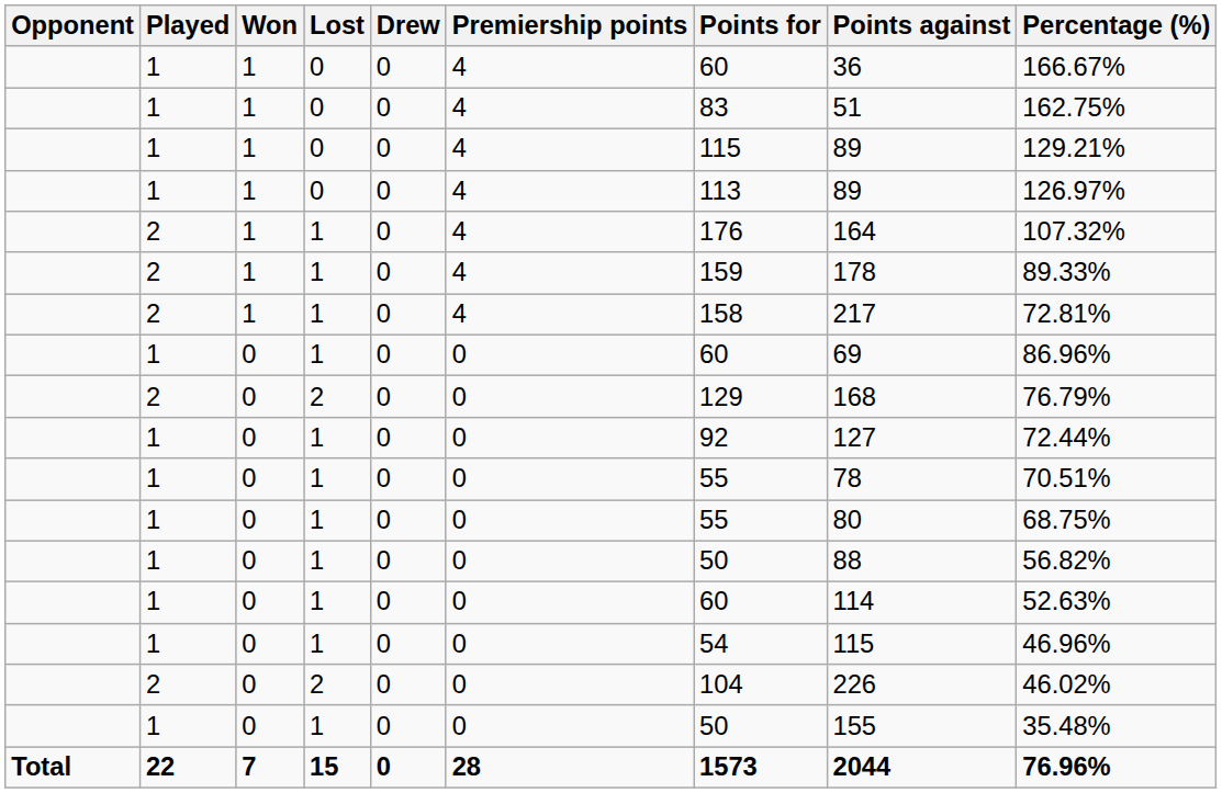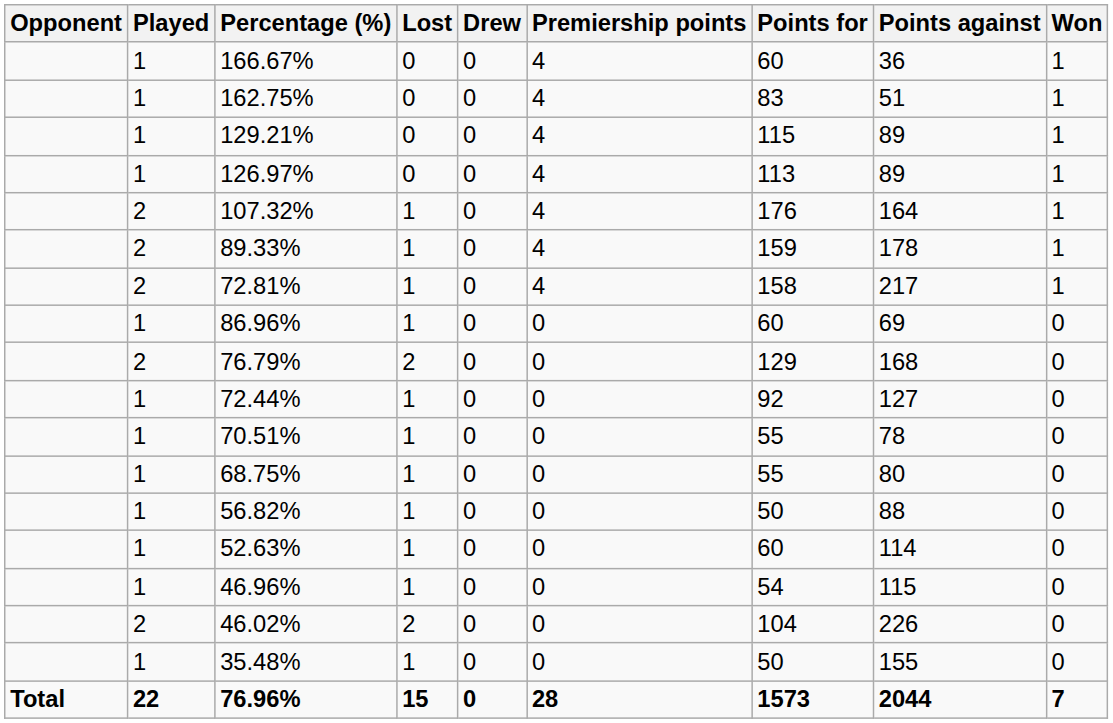 <table class="wikitable">
 <tr>
 <th>Opponent</th>
 <th>Played</th>
-<th>Won</th>
+<th>Percentage (%)</th>
 <th>Lost</th>
 <th>Drew</th>
 <th>Premiership points</th>
 <th>Points for</th>
 <th>Points against</th>
-<th>Percentage (%)</th>
+<th>Won</th>
 </tr>
 <tr>
 <td></td>
 <td>1</td>
-<td>1</td>
+<td>166.67%</td>
 <td>0</td>
 <td>0</td>
 <td>4</td>
 <td>60</td>
 <td>36</td>
-<td>166.67%</td>
+<td>1</td>
 </tr>
 <tr>
 <td></td>
 <td>1</td>
-<td>1</td>
+<td>162.75%</td>
 <td>0</td>
 <td>0</td>
 <td>4</td>
 <td>83</td>
 <td>51</td>
-<td>162.75%</td>
+<td>1</td>
 </tr>
 <tr>
 <td></td>
 <td>1</td>
-<td>1</td>
+<td>129.21%</td>
 <td>0</td>
 <td>0</td>
 <td>4</td>
 <td>115</td>
 <td>89</td>
-<td>129.21%</td>
+<td>1</td>
 </tr>
 <tr>
 <td></td>
 <td>1</td>
-<td>1</td>
+<td>126.97%</td>
 <td>0</td>
 <td>0</td>
 <td>4</td>
 <td>113</td>
 <td>89</td>
-<td>126.97%</td>
+<td>1</td>
 </tr>
 <tr>
 <td></td>
 <td>2</td>
-<td>1</td>
+<td>107.32%</td>
 <td>1</td>
 <td>0</td>
 <td>4</td>
 <td>176</td>
 <td>164</td>
-<td>107.32%</td>
+<td>1</td>
 </tr>
 <tr>
 <td></td>
 <td>2</td>
-<td>1</td>
+<td>89.33%</td>
 <td>1</td>
 <td>0</td>
 <td>4</td>
 <td>159</td>
 <td>178</td>
-<td>89.33%</td>
+<td>1</td>
 </tr>
 <tr>
 <td></td>
 <td>2</td>
-<td>1</td>
+<td>72.81%</td>
 <td>1</td>
 <td>0</td>
 <td>4</td>
 <td>158</td>
 <td>217</td>
-<td>72.81%</td>
+<td>1</td>
 </tr>
 <tr>
 <td></td>
 <td>1</td>
-<td>0</td>
+<td>86.96%</td>
 <td>1</td>
 <td>0</td>
 <td>0</td>
 <td>60</td>
 <td>69</td>
-<td>86.96%</td>
+<td>0</td>
 </tr>
 <tr>
 <td></td>
 <td>2</td>
-<td>0</td>
+<td>76.79%</td>
 <td>2</td>
 <td>0</td>
 <td>0</td>
 <td>129</td>
 <td>168</td>
-<td>76.79%</td>
+<td>0</td>
 </tr>
 <tr>
 <td></td>
 <td>1</td>
-<td>0</td>
+<td>72.44%</td>
 <td>1</td>
 <td>0</td>
 <td>0</td>
 <td>92</td>
 <td>127</td>
-<td>72.44%</td>
+<td>0</td>
 </tr>
 <tr>
 <td></td>
 <td>1</td>
-<td>0</td>
+<td>70.51%</td>
 <td>1</td>
 <td>0</td>
 <td>0</td>
 <td>55</td>
 <td>78</td>
-<td>70.51%</td>
+<td>0</td>
 </tr>
 <tr>
 <td></td>
 <td>1</td>
-<td>0</td>
+<td>68.75%</td>
 <td>1</td>
 <td>0</td>
 <td>0</td>
 <td>55</td>
 <td>80</td>
-<td>68.75%</td>
+<td>0</td>
 </tr>
 <tr>
 <td></td>
 <td>1</td>
-<td>0</td>
+<td>56.82%</td>
 <td>1</td>
 <td>0</td>
 <td>0</td>
 <td>50</td>
 <td>88</td>
-<td>56.82%</td>
+<td>0</td>
 </tr>
 <tr>
 <td></td>
 <td>1</td>
-<td>0</td>
+<td>52.63%</td>
 <td>1</td>
 <td>0</td>
 <td>0</td>
 <td>60</td>
 <td>114</td>
-<td>52.63%</td>
+<td>0</td>
 </tr>
 <tr>
 <td></td>
 <td>1</td>
-<td>0</td>
+<td>46.96%</td>
 <td>1</td>
 <td>0</td>
 <td>0</td>
 <td>54</td>
 <td>115</td>
-<td>46.96%</td>
+<td>0</td>
 </tr>
 <tr>
 <td></td>
 <td>2</td>
-<td>0</td>
+<td>46.02%</td>
 <td>2</td>
 <td>0</td>
 <td>0</td>
 <td>104</td>
 <td>226</td>
-<td>46.02%</td>
+<td>0</td>
 </tr>
 <tr>
 <td></td>
 <td>1</td>
-<td>0</td>
+<td>35.48%</td>
 <td>1</td>
 <td>0</td>
 <td>0</td>
 <td>50</td>
 <td>155</td>
-<td>35.48%</td>
+<td>0</td>
 </tr>
 <tr>
 <td><strong>Total</strong></td>
 <td><strong>22</strong></td>
-<td><strong>7</strong></td>
+<td><strong>76.96%</strong></td>
 <td><strong>15</strong></td>
 <td><strong>0</strong></td>
 <td><strong>28</strong></td>
 <td><strong>1573</strong></td>
 <td><strong>2044</strong></td>
-<td><strong>76.96%</strong></td>
+<td><strong>7</strong></td>
 </tr>
 </table>
